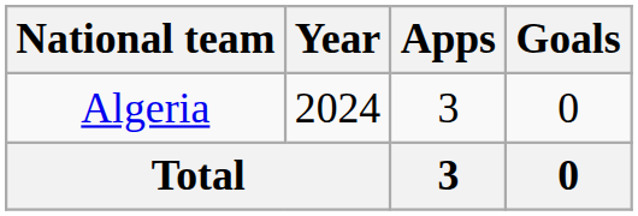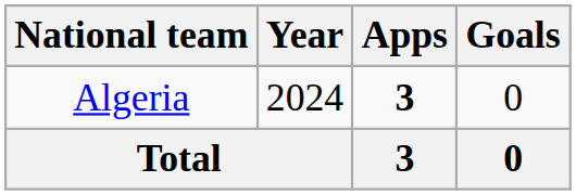 <table class=wikitable style=text-align:center>
 <tr>
 <th>National team</th>
 <th>Year</th>
 <th>Apps</th>
 <th>Goals</th>
 </tr>
 <tr>
 <td rowspan="1"><a href='#'>Algeria</a></td>
 <td>2024</td>
-<td>3</td>
+<td><strong>3</strong></td>
 <td>0</td>
 </tr>
 <tr>
 <th colspan="2">Total</th>
 <th>3</th>
 <th>0</th>
 </tr>
 </table>
